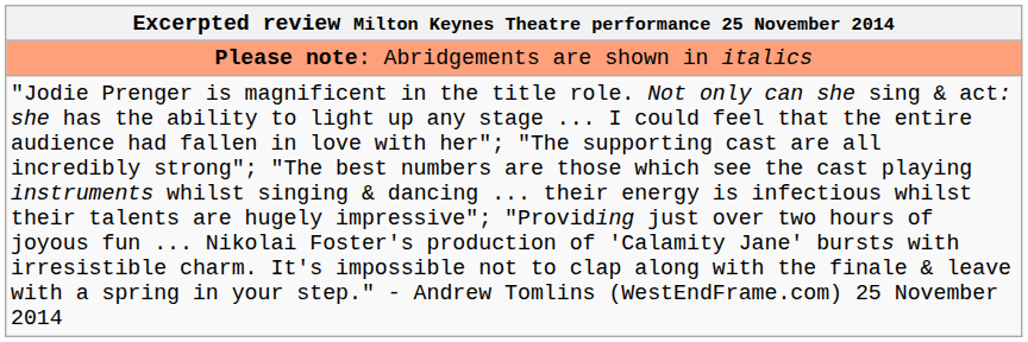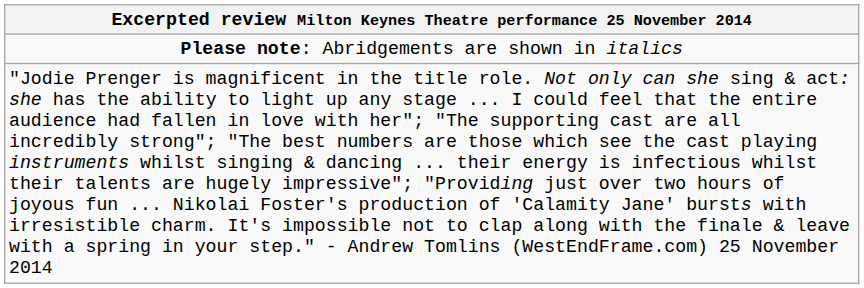 <table class="wikitable floatright collapsible collapsed">
 <tr>
 <th>Excerpted review <small>Milton Keynes Theatre performance 25 November 2014</small></th>
 </tr>
 <tr>
-<td style="background: lightsalmon; text-align:center;"><strong>Please note</strong>: Abridgements are shown in <em>italics</em></td>
+<td style="text-align:center;"><strong>Please note</strong>: Abridgements are shown in <em>italics</em></td>
 </tr>
 <tr>
 <td>"Jodie Prenger is magnificent in the title role. <em>Not only can she</em> sing & act<em>: she</em> has the ability to light up any stage ... I could feel that the entire audience had fallen in love with her"; "The supporting cast are all incredibly strong"; "The best numbers are those which see the cast playing <em>instruments</em> whilst singing & dancing ... their energy is infectious whilst their talents are hugely impressive"; "Provid<em>ing</em> just over two hours of joyous fun ... Nikolai Foster's production of 'Calamity Jane' burst<em>s</em> with irresistible charm. It's impossible not to clap along with the finale & leave with a spring in your step." - Andrew Tomlins (WestEndFrame.com) 25 November 2014 </td>
 </tr>
 </table>
